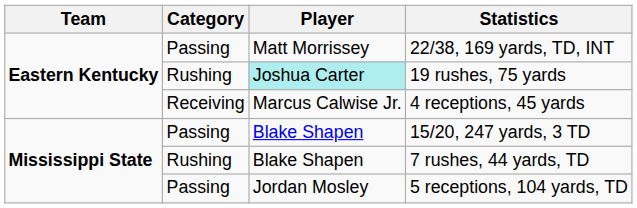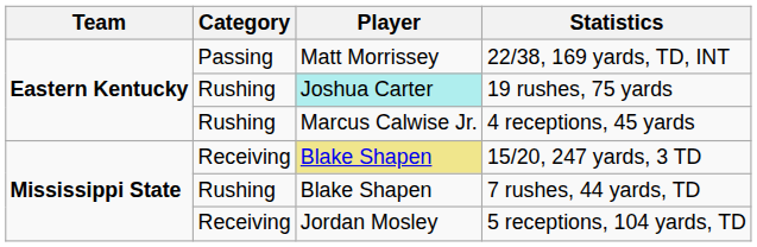 <table class="wikitable" style="float: right;">
 <tr>
 <th>Team</th>
 <th>Category</th>
 <th>Player</th>
 <th>Statistics</th>
 </tr>
 <tr>
 <td rowspan=3><strong>Eastern Kentucky</strong></td>
 <td>Passing</td>
 <td>Matt Morrissey</td>
 <td>22/38, 169 yards, TD, INT</td>
 </tr>
 <tr>
 <td>Rushing</td>
 <td style="background: paleturquoise;">Joshua Carter</td>
 <td>19 rushes, 75 yards</td>
 </tr>
 <tr>
-<td>Receiving</td>
+<td>Rushing</td>
 <td>Marcus Calwise Jr.</td>
 <td>4 receptions, 45 yards</td>
 </tr>
 <tr>
 <td rowspan=3><strong>Mississippi State</strong></td>
-<td>Passing</td>
-<td><a href='#'>Blake Shapen</a></td>
+<td>Receiving</td>
+<td style="background: khaki;"><a href='#'>Blake Shapen</a></td>
 <td>15/20, 247 yards, 3 TD</td>
 </tr>
 <tr>
 <td>Rushing</td>
 <td>Blake Shapen</td>
 <td>7 rushes, 44 yards, TD</td>
 </tr>
 <tr>
-<td>Passing</td>
+<td>Receiving</td>
 <td>Jordan Mosley</td>
 <td>5 receptions, 104 yards, TD</td>
 </tr>
 </table>
